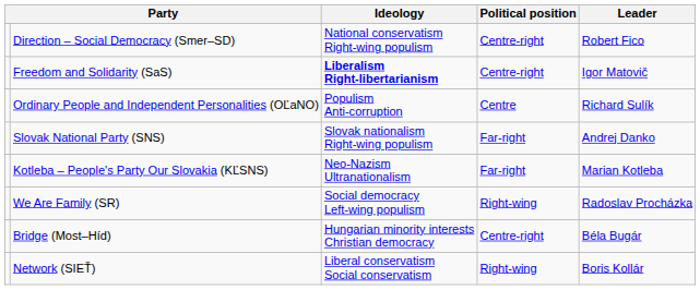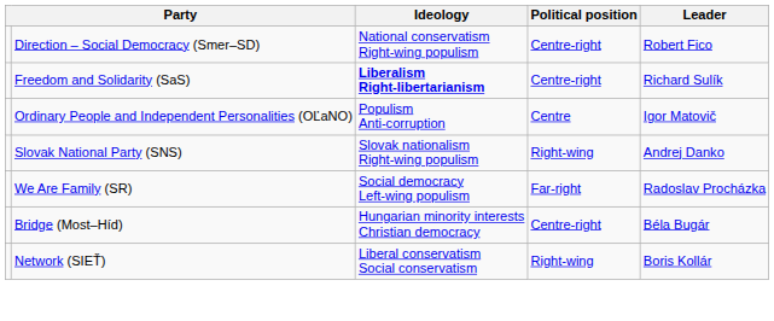 <table class="wikitable">
 <tr>
 <th colspan="2">Party</th>
 <th>Ideology</th>
 <th>Political position</th>
 <th>Leader</th>
 </tr>
 <tr>
 <td style="color:inherit;background:"></td>
 <td><a href='#'>Direction – Social Democracy</a> (Smer–SD)</td>
 <td><a href='#'>National conservatism</a><br><a href='#'>Right-wing populism</a></td>
 <td><a href='#'>Centre-right</a></td>
 <td><a href='#'>Robert Fico</a></td>
 </tr>
 <tr>
 <td style="color:inherit;background:"></td>
 <td><a href='#'>Freedom and Solidarity</a> (SaS)</td>
 <td><strong><a href='#'>Liberalism</a><br><a href='#'>Right-libertarianism</a></strong></td>
 <td><a href='#'>Centre-right</a></td>
-<td><a href='#'>Igor Matovič</a></td>
+<td><a href='#'>Richard Sulík</a></td>
 </tr>
 <tr>
 <td style="color:inherit;background:"></td>
 <td><a href='#'>Ordinary People and Independent Personalities</a> (OĽaNO)</td>
 <td><a href='#'>Populism</a><br><a href='#'>Anti-corruption</a></td>
 <td><a href='#'>Centre</a></td>
-<td><a href='#'>Richard Sulík</a></td>
+<td><a href='#'>Igor Matovič</a></td>
 </tr>
 <tr>
 <td style="color:inherit;background:"></td>
 <td><a href='#'>Slovak National Party</a> (SNS)</td>
 <td><a href='#'>Slovak nationalism</a><br><a href='#'>Right-wing populism</a></td>
-<td><a href='#'>Far-right</a></td>
+<td><a href='#'>Right-wing</a></td>
 <td><a href='#'>Andrej Danko</a></td>
-</tr>
-<tr>
-<td style="color:inherit;background:"></td>
-<td><a href='#'>Kotleba – People's Party Our Slovakia</a> (KĽSNS)</td>
-<td><a href='#'>Neo-Nazism</a><br><a href='#'>Ultranationalism</a></td>
-<td><a href='#'>Far-right</a></td>
-<td><a href='#'>Marian Kotleba</a></td>
 </tr>
 <tr>
 <td style="color:inherit;background:"></td>
 <td><a href='#'>We Are Family</a> (SR)</td>
 <td><a href='#'>Social democracy</a><br><a href='#'>Left-wing populism</a></td>
-<td><a href='#'>Right-wing</a></td>
+<td><a href='#'>Far-right</a></td>
 <td><a href='#'>Radoslav Procházka</a></td>
 </tr>
 <tr>
 <td style="color:inherit;background:"></td>
 <td><a href='#'>Bridge</a> (Most–Híd)</td>
 <td><a href='#'>Hungarian minority interests</a><br><a href='#'>Christian democracy</a></td>
 <td><a href='#'>Centre-right</a></td>
 <td><a href='#'>Béla Bugár</a></td>
 </tr>
 <tr>
 <td style="color:inherit;background:"></td>
 <td><a href='#'>Network</a> (SIEŤ)</td>
 <td><a href='#'>Liberal conservatism</a><br><a href='#'>Social conservatism</a></td>
 <td><a href='#'>Right-wing</a></td>
 <td><a href='#'>Boris Kollár</a></td>
 </tr>
 </table>
